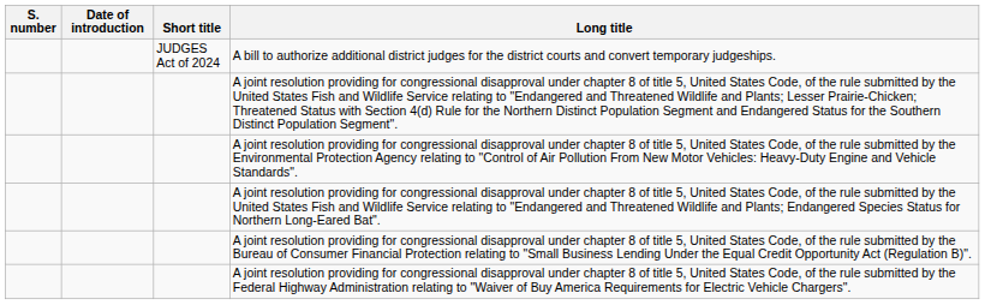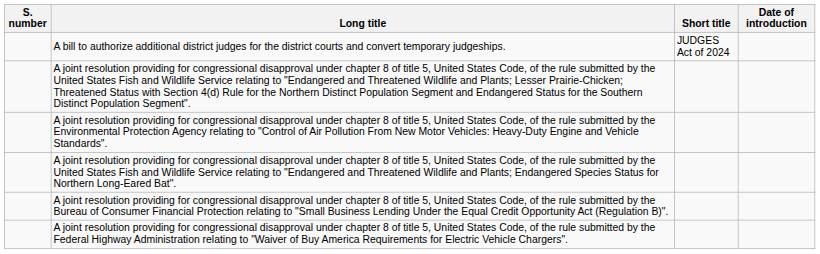 <table class="wikitable">
 <tr valign="bottom">
 <th>S. number</th>
+<th>Long title</th>
+<th>Short title</th>
 <th>Date of introduction</th>
-<th>Short title</th>
-<th>Long title</th>
 </tr>
 <tr>
 <td></td>
+<td>A bill to authorize additional district judges for the district courts and convert temporary judgeships.</td>
+<td>JUDGES Act of 2024</td>
 <td></td>
-<td>JUDGES Act of 2024</td>
-<td>A bill to authorize additional district judges for the district courts and convert temporary judgeships.</td>
 </tr>
 <tr>
 <td></td>
+<td>A joint resolution providing for congressional disapproval under chapter 8 of title 5, United States Code, of the rule submitted by the United States Fish and Wildlife Service relating to "Endangered and Threatened Wildlife and Plants; Lesser Prairie-Chicken; Threatened Status with Section 4(d) Rule for the Northern Distinct Population Segment and Endangered Status for the Southern Distinct Population Segment".</td>
 <td></td>
 <td></td>
-<td>A joint resolution providing for congressional disapproval under chapter 8 of title 5, United States Code, of the rule submitted by the United States Fish and Wildlife Service relating to "Endangered and Threatened Wildlife and Plants; Lesser Prairie-Chicken; Threatened Status with Section 4(d) Rule for the Northern Distinct Population Segment and Endangered Status for the Southern Distinct Population Segment".</td>
 </tr>
 <tr>
 <td></td>
+<td>A joint resolution providing for congressional disapproval under chapter 8 of title 5, United States Code, of the rule submitted by the Environmental Protection Agency relating to "Control of Air Pollution From New Motor Vehicles: Heavy-Duty Engine and Vehicle Standards".</td>
 <td></td>
 <td></td>
-<td>A joint resolution providing for congressional disapproval under chapter 8 of title 5, United States Code, of the rule submitted by the Environmental Protection Agency relating to "Control of Air Pollution From New Motor Vehicles: Heavy-Duty Engine and Vehicle Standards".</td>
 </tr>
 <tr>
 <td></td>
+<td>A joint resolution providing for congressional disapproval under chapter 8 of title 5, United States Code, of the rule submitted by the United States Fish and Wildlife Service relating to "Endangered and Threatened Wildlife and Plants; Endangered Species Status for Northern Long-Eared Bat".</td>
 <td></td>
 <td></td>
-<td>A joint resolution providing for congressional disapproval under chapter 8 of title 5, United States Code, of the rule submitted by the United States Fish and Wildlife Service relating to "Endangered and Threatened Wildlife and Plants; Endangered Species Status for Northern Long-Eared Bat".</td>
 </tr>
 <tr>
 <td></td>
+<td>A joint resolution providing for congressional disapproval under chapter 8 of title 5, United States Code, of the rule submitted by the Bureau of Consumer Financial Protection relating to "Small Business Lending Under the Equal Credit Opportunity Act (Regulation B)".</td>
 <td></td>
 <td></td>
-<td>A joint resolution providing for congressional disapproval under chapter 8 of title 5, United States Code, of the rule submitted by the Bureau of Consumer Financial Protection relating to "Small Business Lending Under the Equal Credit Opportunity Act (Regulation B)".</td>
 </tr>
 <tr>
 <td></td>
+<td>A joint resolution providing for congressional disapproval under chapter 8 of title 5, United States Code, of the rule submitted by the Federal Highway Administration relating to "Waiver of Buy America Requirements for Electric Vehicle Chargers".</td>
 <td></td>
 <td></td>
-<td>A joint resolution providing for congressional disapproval under chapter 8 of title 5, United States Code, of the rule submitted by the Federal Highway Administration relating to "Waiver of Buy America Requirements for Electric Vehicle Chargers".</td>
 </tr>
 </table>
